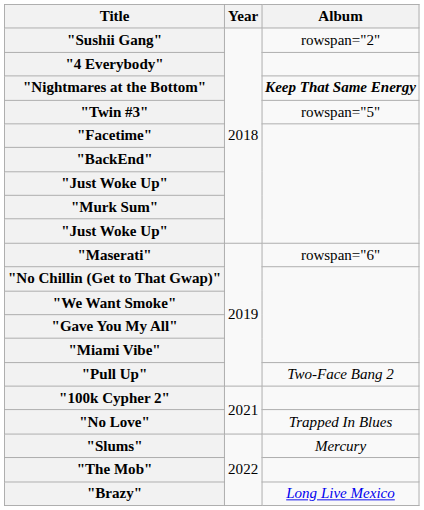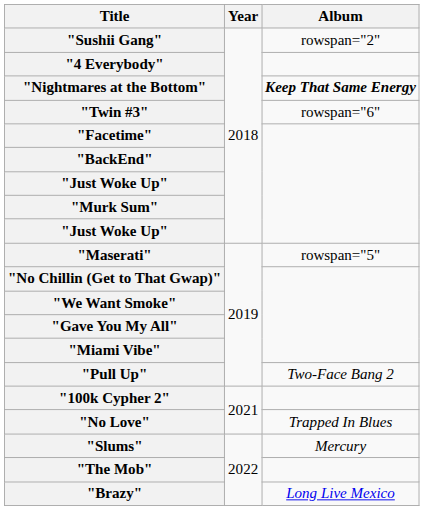 <table class="wikitable plainrowheaders" style="text-align:center;">
 <tr>
 <th scope="col">Title</th>
 <th scope="col">Year</th>
 <th scope="col">Album</th>
 </tr>
 <tr>
 <th scope="row">"Sushii Gang"<br></th>
 <td rowspan="9">2018</td>
 <td>rowspan="2" </td>
 </tr>
 <tr>
 <th scope="row">"4 Everybody"<br></th>
 </tr>
 <tr>
 <th scope="row">"Nightmares at the Bottom"<br></th>
 <td><strong><em>Keep That Same Energy</em></strong></td>
 </tr>
 <tr>
 <th scope="row">"Twin #3"<br></th>
-<td>rowspan="5" </td>
+<td>rowspan="6" </td>
 </tr>
 <tr>
 <th scope="row">"Facetime"<br></th>
 </tr>
 <tr>
 <th scope="row">"BackEnd"<br></th>
 </tr>
 <tr>
 <th scope="row">"Just Woke Up"<br></th>
 </tr>
 <tr>
 <th scope="row">"Murk Sum"<br></th>
 </tr>
 <tr>
 <th scope="row">"Just Woke Up"<br></th>
 </tr>
 <tr>
 <th scope="row">"Maserati"<br></th>
 <td rowspan="6">2019</td>
-<td>rowspan="6" </td>
+<td>rowspan="5" </td>
 </tr>
 <tr>
 <th scope="row">"No Chillin (Get to That Gwap)"<br></th>
 </tr>
 <tr>
 <th scope="row">"We Want Smoke"<br></th>
 </tr>
 <tr>
 <th scope="row">"Gave You My All"<br></th>
 </tr>
 <tr>
 <th scope="row">"Miami Vibe"<br></th>
 </tr>
 <tr>
 <th scope="row">"Pull Up"<br></th>
 <td><em>Two-Face Bang 2</em></td>
 </tr>
 <tr>
 <th scope="row">"100k Cypher 2"<br></th>
 <td rowspan="2">2021</td>
 <td></td>
 </tr>
 <tr>
 <th scope="row">"No Love"<br></th>
 <td><em>Trapped In Blues</em></td>
 </tr>
 <tr>
 <th scope="row">"Slums"<br></th>
 <td rowspan="3">2022</td>
 <td><em>Mercury</em></td>
 </tr>
 <tr>
 <th scope="row">"The Mob"<br></th>
 <td></td>
 </tr>
 <tr>
 <th scope="row">"Brazy"<br></th>
 <td><em><a href='#'>Long Live Mexico</a></em></td>
 </tr>
 </table>
